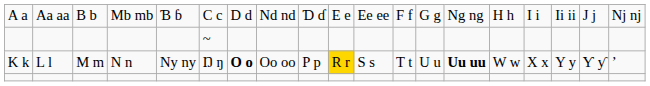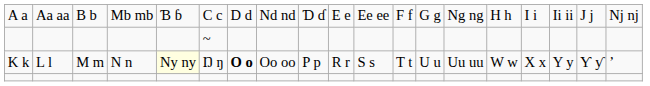 <table class="wikitable">
 <tr>
 <td>A a</td>
 <td>Aa aa</td>
 <td>B b</td>
 <td>Mb mb</td>
 <td>Ɓ ɓ</td>
 <td>C c</td>
 <td>D d</td>
 <td>Nd nd</td>
 <td>Ɗ ɗ</td>
 <td>E e</td>
 <td>Ee ee</td>
 <td>F f</td>
 <td>G g</td>
 <td>Ng ng</td>
 <td>H h</td>
 <td>I i</td>
 <td>Ii ii</td>
 <td>J j</td>
 <td>Nj nj</td>
 </tr>
 <tr>
 <td></td>
 <td></td>
 <td></td>
 <td></td>
 <td></td>
 <td>‍~‍</td>
 <td></td>
 <td></td>
 <td></td>
 <td></td>
 <td></td>
 <td></td>
 <td></td>
 <td></td>
 <td></td>
 <td></td>
 <td></td>
 <td>‍</td>
 <td></td>
 </tr>
 <tr>
 <td>K k</td>
 <td>L l</td>
 <td>M m</td>
 <td>N n</td>
-<td>Ny ny</td>
+<td style="background: lightyellow;">Ny ny</td>
 <td>Ŋ ŋ</td>
 <td><strong>O o</strong></td>
 <td>Oo oo</td>
 <td>P p</td>
-<td style="background: gold;">R r</td>
+<td>R r</td>
 <td>S s</td>
 <td>T t</td>
 <td>U u</td>
-<td><strong>Uu uu</strong></td>
+<td>Uu uu</td>
 <td>W w</td>
 <td>X x</td>
 <td>Y y</td>
 <td>Ƴ ƴ</td>
 <td>’</td>
 </tr>
 <tr>
 <td></td>
 <td></td>
 <td></td>
 <td></td>
 <td></td>
 <td></td>
 <td></td>
 <td></td>
 <td></td>
 <td></td>
 <td></td>
 <td></td>
 <td></td>
 <td></td>
 <td></td>
 <td></td>
 <td></td>
 <td></td>
 <td></td>
 </tr>
 </table>
